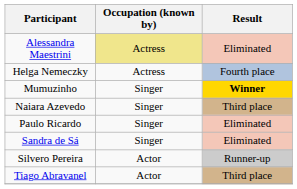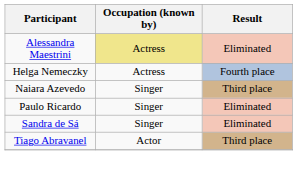 <table class= "wikitable sortable" style="text-align: center; margin:auto; align: center">
 <tr>
 <th width=125>Participant</th>
 <th width=150>Occupation (known by)</th>
 <th width=125>Result</th>
 </tr>
 <tr>
 <td><a href='#'>Alessandra Maestrini</a></td>
 <td style="background: khaki;">Actress</td>
 <td bgcolor=F4C7B8>Eliminated<br></td>
 </tr>
 <tr>
 <td>Helga Nemeczky</td>
 <td>Actress</td>
 <td bgcolor=B0C4DE>Fourth place<br></td>
 </tr>
 <tr>
-<td>Mumuzinho</td>
-<td>Singer</td>
-<td bgcolor=FFD700><strong>Winner</strong><br></td>
-</tr>
-<tr>
 <td>Naiara Azevedo</td>
 <td>Singer</td>
 <td bgcolor=D2B48C>Third place<br></td>
 </tr>
 <tr>
 <td>Paulo Ricardo</td>
 <td>Singer</td>
 <td bgcolor=F4C7B8>Eliminated<br></td>
 </tr>
 <tr>
 <td><a href='#'>Sandra de Sá</a></td>
 <td>Singer</td>
 <td bgcolor=F4C7B8>Eliminated<br></td>
 </tr>
 <tr>
-<td>Silvero Pereira</td>
-<td>Actor</td>
-<td bgcolor=CCCCCC>Runner-up<br></td>
-</tr>
-<tr>
 <td><a href='#'>Tiago Abravanel</a></td>
 <td>Actor</td>
 <td bgcolor=D2B48C>Third place<br></td>
 </tr>
 <tr>
 </tr>
 </table>
